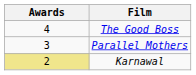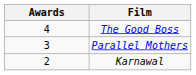 <table class="wikitable plainrowheaders" style="text-align: center; float:left; margin-right:1em;">
 <tr>
 <th scope="col" style="width:8em">Awards</th>
 <th scope="col">Film</th>
 </tr>
 <tr>
 <td style="text-align:center">4</td>
 <td><em><a href='#'>The Good Boss</a></em></td>
 </tr>
 <tr>
 <td style="text-align:center">3</td>
 <td><em><a href='#'>Parallel Mothers</a></em></td>
 </tr>
 <tr>
-<td style="background: khaki; text-align:center">2</td>
+<td style="text-align:center">2</td>
 <td><em>Karnawal</em></td>
 </tr>
 </table>
